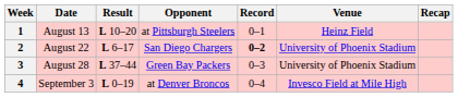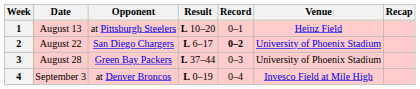 <table class="wikitable" style="text-align:center">
 <tr>
 <th>Week</th>
 <th>Date</th>
+<th>Opponent</th>
 <th>Result</th>
-<th>Opponent</th>
 <th>Record</th>
 <th>Venue</th>
 <th>Recap</th>
 </tr>
 <tr style="background:#fcc">
 <th align="center">1</th>
 <td align="center">August 13</td>
+<td align="center">at <a href='#'>Pittsburgh Steelers</a></td>
 <td align="center"><strong>L</strong> 10–20</td>
-<td align="center">at <a href='#'>Pittsburgh Steelers</a></td>
 <td align="center">0–1</td>
 <td align="center"><a href='#'>Heinz Field</a></td>
 <td align="center"></td>
 </tr>
 <tr style="background:#fcc">
 <th align="center">2</th>
 <td align="center">August 22</td>
+<td align="center"><a href='#'>San Diego Chargers</a></td>
 <td align="center"><strong>L</strong> 6–17</td>
-<td align="center"><a href='#'>San Diego Chargers</a></td>
 <td align="center"><strong>0–2</strong></td>
 <td align="center"><a href='#'>University of Phoenix Stadium</a></td>
 <td align="center"></td>
 </tr>
 <tr style="background:#fcc">
 <th align="center">3</th>
 <td align="center">August 28</td>
+<td align="center"><a href='#'>Green Bay Packers</a></td>
 <td align="center"><strong>L</strong> 37–44</td>
-<td align="center"><a href='#'>Green Bay Packers</a></td>
 <td align="center">0–3</td>
 <td align="center">University of Phoenix Stadium</td>
 <td align="center"></td>
 </tr>
 <tr style="background:#fcc">
 <th align="center">4</th>
 <td align="center">September 3</td>
+<td align="center">at <a href='#'>Denver Broncos</a></td>
 <td align="center"><strong>L</strong> 0–19</td>
-<td align="center">at <a href='#'>Denver Broncos</a></td>
 <td align="center">0–4</td>
 <td align="center"><a href='#'>Invesco Field at Mile High</a></td>
 <td align="center"></td>
 </tr>
 </table>
